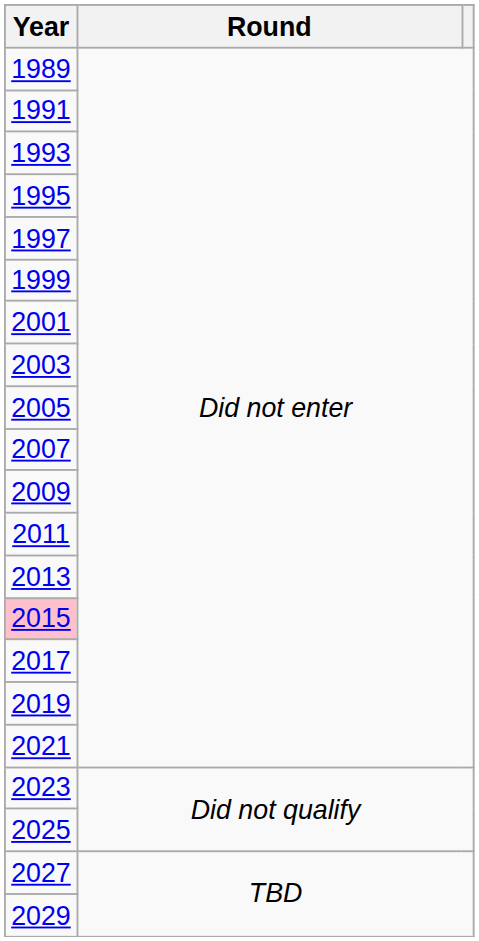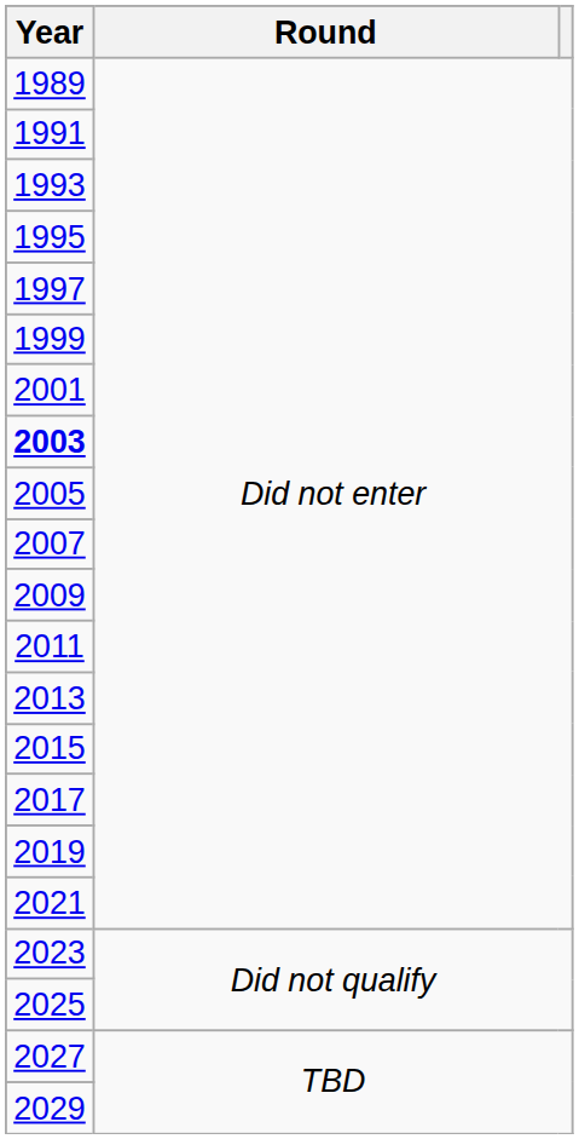 <table class="wikitable" style="text-align: center; font-size:90%">
 <tr>
 <th>Year</th>
 <th style="width:200px">Round</th>
 <th></th>
 </tr>
 <tr>
 <td><a href='#'>1989</a></td>
 <td colspan="2" rowspan="17"><em>Did not enter</em></td>
 </tr>
 <tr>
 <td><a href='#'>1991</a></td>
 </tr>
 <tr>
 <td><a href='#'>1993</a></td>
 </tr>
 <tr>
 <td><a href='#'>1995</a></td>
 </tr>
 <tr>
 <td><a href='#'>1997</a></td>
 </tr>
 <tr>
 <td><a href='#'>1999</a></td>
 </tr>
 <tr>
 <td><a href='#'>2001</a></td>
 </tr>
 <tr>
-<td><a href='#'>2003</a></td>
+<td><strong><a href='#'>2003</a></strong></td>
 </tr>
 <tr>
 <td><a href='#'>2005</a></td>
 </tr>
 <tr>
 <td><a href='#'>2007</a></td>
 </tr>
 <tr>
 <td><a href='#'>2009</a></td>
 </tr>
 <tr>
 <td><a href='#'>2011</a></td>
 </tr>
 <tr>
 <td><a href='#'>2013</a></td>
 </tr>
 <tr>
-<td style="background: pink;"><a href='#'>2015</a></td>
+<td><a href='#'>2015</a></td>
 </tr>
 <tr>
 <td><a href='#'>2017</a></td>
 </tr>
 <tr>
 <td><a href='#'>2019</a></td>
 </tr>
 <tr>
 <td><a href='#'>2021</a></td>
 </tr>
 <tr>
 <td><a href='#'>2023</a></td>
 <td colspan="2" rowspan="2"><em>Did not qualify</em></td>
 </tr>
 <tr>
 <td><a href='#'>2025</a></td>
 </tr>
 <tr>
 <td><a href='#'>2027</a></td>
 <td colspan="2" rowspan="2"><em>TBD</em></td>
 </tr>
 <tr>
 <td><a href='#'>2029</a></td>
 </tr>
 </table>
